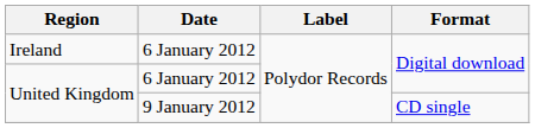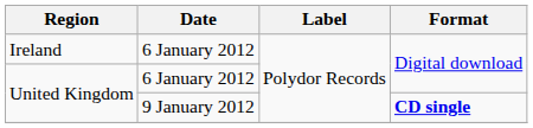 <table class="wikitable plainrowheaders">
 <tr>
 <th scope="col">Region</th>
 <th scope="col">Date</th>
 <th scope="col">Label</th>
 <th scope="col">Format</th>
 </tr>
 <tr>
 <td>Ireland</td>
 <td>6 January 2012</td>
 <td rowspan="3">Polydor Records</td>
 <td rowspan="2"><a href='#'>Digital download</a></td>
 </tr>
 <tr>
 <td rowspan="2">United Kingdom</td>
 <td>6 January 2012</td>
 </tr>
 <tr>
 <td>9 January 2012</td>
-<td rowspan="1"><a href='#'>CD single</a></td>
+<td rowspan="1"><strong><a href='#'>CD single</a></strong></td>
 </tr>
 <tr>
 </tr>
 </table>
